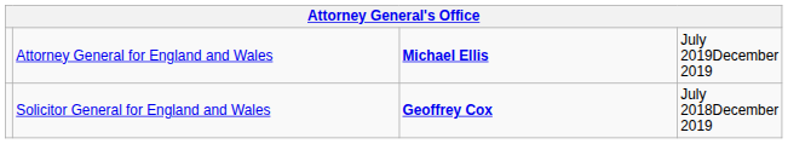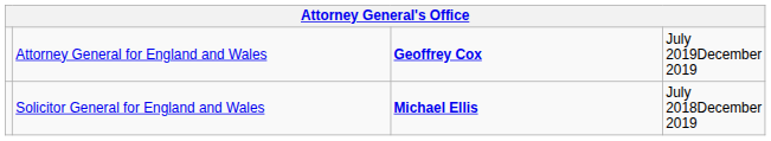 <table class="wikitable">
 <tr>
 <th colspan="4"><a href='#'>Attorney General's Office</a></th>
 </tr>
 <tr>
 <td style="width: 1px; background: "></td>
 <td style="width: 450px;"><a href='#'>Attorney General for England and Wales</a></td>
-<td style="width: 320px;"><strong><a href='#'>Michael Ellis</a></strong> <br> </td>
+<td style="width: 320px;"><strong><a href='#'>Geoffrey Cox</a></strong></td>
 <td>July 2019December 2019</td>
 </tr>
 <tr>
 <td style="width: 1px; background: "></td>
 <td style="width: 450px;"><a href='#'>Solicitor General for England and Wales</a></td>
-<td style="width: 320px;"><strong><a href='#'>Geoffrey Cox</a></strong></td>
+<td style="width: 320px;"><strong><a href='#'>Michael Ellis</a></strong> <br> </td>
 <td>July 2018December 2019</td>
 </tr>
 </table>
